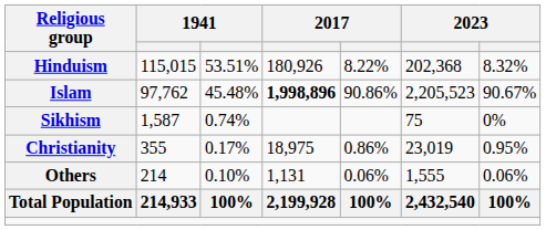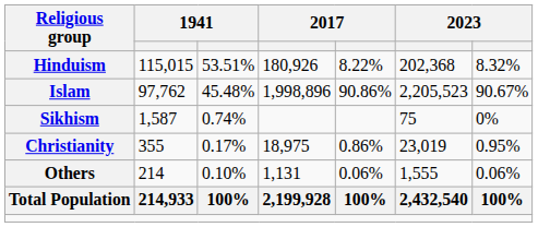 <table class="wikitable sortable">
 <tr>
 <th rowspan="2"><a href='#'>Religious</a><br>group</th>
 <th colspan="2">1941</th>
 <th colspan="2">2017</th>
 <th colspan="2">2023</th>
 </tr>
 <tr>
 <th><a href='#'></a></th>
 <th></th>
 <th></th>
 <th></th>
 <th></th>
 <th></th>
 </tr>
 <tr>
 <th><a href='#'>Hinduism</a> </th>
 <td>115,015</td>
 <td>53.51%</td>
 <td>180,926</td>
 <td>8.22%</td>
 <td>202,368</td>
 <td>8.32%</td>
 </tr>
 <tr>
 <th><a href='#'>Islam</a> </th>
 <td>97,762</td>
 <td>45.48%</td>
-<td><strong>1,998,896</strong></td>
+<td>1,998,896</td>
 <td>90.86%</td>
 <td>2,205,523</td>
 <td>90.67%</td>
 </tr>
 <tr>
 <th><a href='#'>Sikhism</a> </th>
 <td>1,587</td>
 <td>0.74%</td>
 <td></td>
 <td></td>
 <td>75</td>
 <td>0%</td>
 </tr>
 <tr>
 <th><a href='#'>Christianity</a> </th>
 <td>355</td>
 <td>0.17%</td>
 <td>18,975</td>
 <td>0.86%</td>
 <td>23,019</td>
 <td>0.95%</td>
 </tr>
 <tr>
 <th>Others </th>
 <td>214</td>
 <td>0.10%</td>
 <td>1,131</td>
 <td>0.06%</td>
 <td>1,555</td>
 <td>0.06%</td>
 </tr>
 <tr>
 <th>Total Population</th>
 <th>214,933</th>
 <th>100%</th>
 <th>2,199,928</th>
 <th>100%</th>
 <th>2,432,540</th>
 <th>100%</th>
 </tr>
 <tr class="sortbottom">
 <td colspan="7"></td>
 </tr>
 </table>
